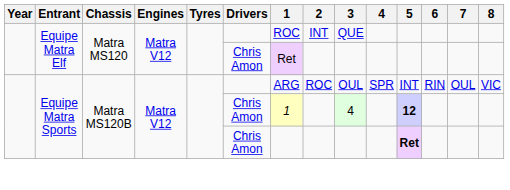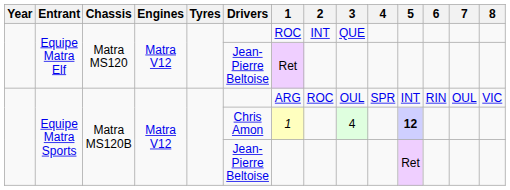 <table class="wikitable" style="text-align:center; font-size:95%">
 <tr>
 <th>Year</th>
 <th>Entrant</th>
 <th>Chassis</th>
 <th>Engines</th>
 <th>Tyres</th>
 <th>Drivers</th>
 <th>1</th>
 <th>2</th>
 <th>3</th>
 <th>4</th>
 <th>5</th>
 <th>6</th>
 <th>7</th>
 <th>8</th>
 </tr>
 <tr>
 <td rowspan="2"></td>
 <td rowspan="2"><a href='#'>Equipe Matra Elf</a></td>
 <td rowspan="2">Matra MS120</td>
 <td rowspan="2"><a href='#'>Matra</a> <a href='#'>V12</a></td>
 <td rowspan="2"></td>
 <td></td>
 <td><a href='#'>ROC</a></td>
 <td><a href='#'>INT</a></td>
 <td><a href='#'>QUE</a></td>
 <td></td>
 <td></td>
 <td></td>
 <td></td>
 <td></td>
 </tr>
 <tr>
-<td><a href='#'>Chris Amon</a></td>
+<td><a href='#'>Jean-Pierre Beltoise</a></td>
 <td style="background:#EFCFFF;">Ret</td>
 <td></td>
 <td></td>
 <td></td>
 <td></td>
 <td></td>
 <td></td>
 <td></td>
 </tr>
 <tr>
 <td rowspan="3"></td>
 <td rowspan="3"><a href='#'>Equipe Matra Sports</a></td>
 <td rowspan="3">Matra MS120B</td>
 <td rowspan="3"><a href='#'>Matra</a> <a href='#'>V12</a></td>
 <td rowspan="3"></td>
 <td></td>
 <td><a href='#'>ARG</a></td>
 <td><a href='#'>ROC</a></td>
 <td><a href='#'>OUL</a></td>
 <td><a href='#'>SPR</a></td>
 <td><a href='#'>INT</a></td>
 <td><a href='#'>RIN</a></td>
 <td><a href='#'>OUL</a></td>
 <td><a href='#'>VIC</a></td>
 </tr>
 <tr>
 <td><a href='#'>Chris Amon</a></td>
 <td style="background:#FFFFBF;"><em>1</em></td>
 <td></td>
 <td style="background:#DFFFDF;">4</td>
 <td></td>
 <td style="background:#CFCFFF;"><strong>12</strong></td>
 <td></td>
 <td></td>
 <td></td>
 </tr>
 <tr>
-<td><a href='#'>Chris Amon</a></td>
+<td><a href='#'>Jean-Pierre Beltoise</a></td>
 <td></td>
 <td></td>
 <td></td>
 <td></td>
-<td style="background:#EFCFFF;"><strong>Ret</strong></td>
+<td style="background:#EFCFFF;">Ret</td>
 <td></td>
 <td></td>
 <td></td>
 </tr>
 </table>
